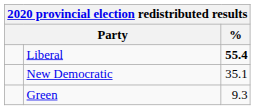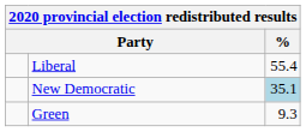 <table class="wikitable">
 <tr>
 <th colspan="4"><a href='#'>2020 provincial election</a> redistributed results</th>
 </tr>
 <tr>
 <th bgcolor="#DDDDFF" width="130px" colspan="2">Party</th>
 <th bgcolor="#DDDDFF" width="30px">%</th>
 </tr>
 <tr>
 <td> </td>
 <td><a href='#'>Liberal</a></td>
-<td align=right><strong>55.4</strong></td>
+<td align=right>55.4</td>
 </tr>
 <tr>
 <td> </td>
 <td><a href='#'>New Democratic</a></td>
-<td align=right>35.1</td>
+<td align=right style="background: lightblue;">35.1</td>
 </tr>
 <tr>
 <td> </td>
 <td><a href='#'>Green</a></td>
 <td align=right>9.3</td>
 </tr>
 </table>
